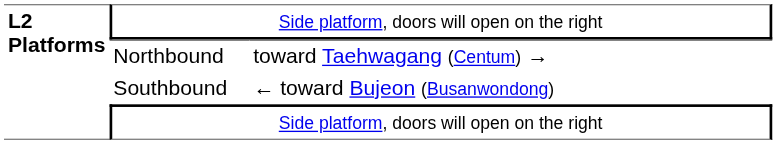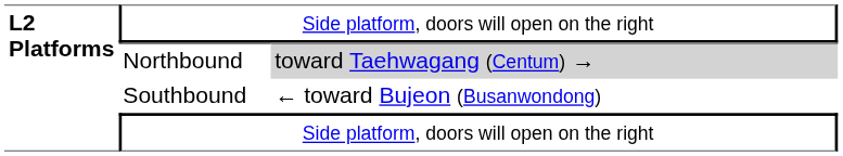 <table table border=0 cellspacing=0 cellpadding=3>
 <tr>
 <td style="border-top:solid 1px gray;border-bottom:solid 1px gray;" width=50 rowspan=10 valign=top><strong>L2<br>Platforms</strong></td>
 <td style="border-top:solid 1px gray;border-right:solid 2px black;border-left:solid 2px black;border-bottom:solid 2px black;text-align:center;" colspan=2><small><a href='#'>Side platform</a>, doors will open on the right</small></td>
 </tr>
 <tr>
 <td style="border-bottom:solid 0px gray;border-top:solid 1px gray;" width=100>Northbound</td>
-<td style="border-bottom:solid 0px gray;border-top:solid 1px gray;" width=390>  toward <a href='#'>Taehwagang</a> <small>(<a href='#'>Centum</a>)</small> →</td>
+<td style="background: lightgrey; border-bottom:solid 0px gray;border-top:solid 1px gray;" width=390>  toward <a href='#'>Taehwagang</a> <small>(<a href='#'>Centum</a>)</small> →</td>
 </tr>
 <tr>
 <td>Southbound</td>
 <td>←  toward <a href='#'>Bujeon</a> <small>(<a href='#'>Busanwondong</a>)</small></td>
 </tr>
 <tr>
 <td style="border-top:solid 2px black;border-right:solid 2px black;border-left:solid 2px black;border-bottom:solid 1px gray;text-align:center;" colspan=2><small><a href='#'>Side platform</a>, doors will open on the right</small></td>
 </tr>
 </table>
